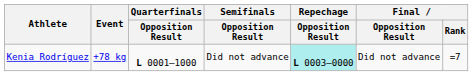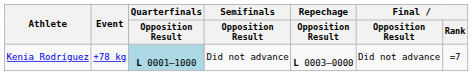 <table class="wikitable" style="font-size:90%">
 <tr>
 <th rowspan=2>Athlete</th>
 <th rowspan=2>Event</th>
 <th>Quarterfinals</th>
 <th>Semifinals</th>
 <th>Repechage</th>
 <th colspan=2>Final / </th>
 </tr>
 <tr style="font-size:95%">
 <th>Opposition<br>Result</th>
 <th>Opposition<br>Result</th>
 <th>Opposition<br>Result</th>
 <th>Opposition<br>Result</th>
 <th>Rank</th>
 </tr>
 <tr align=center>
 <td align=left><a href='#'>Kenia Rodríguez</a></td>
 <td align=left><a href='#'>+78 kg</a></td>
-<td><br><strong>L</strong> 0001–1000</td>
+<td style="background: lightblue;"><br><strong>L</strong> 0001–1000</td>
 <td>Did not advance</td>
-<td style="background: paleturquoise;"><br><strong>L</strong> 0003–0000</td>
+<td><br><strong>L</strong> 0003–0000</td>
 <td>Did not advance</td>
 <td>=7</td>
 </tr>
 </table>
